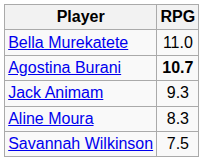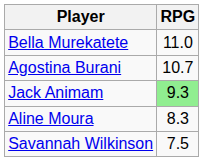 <table class="wikitable">
 <tr>
 <th>Player</th>
 <th>RPG</th>
 </tr>
 <tr>
 <td> <a href='#'>Bella Murekatete</a></td>
 <td align=center>11.0</td>
 </tr>
 <tr>
 <td> <a href='#'>Agostina Burani</a></td>
-<td align=center><strong>10.7</strong></td>
+<td align=center>10.7</td>
 </tr>
 <tr>
 <td> <a href='#'>Jack Animam</a></td>
-<td align=center>9.3</td>
+<td align=center style="background: lightgreen;">9.3</td>
 </tr>
 <tr>
 <td> <a href='#'>Aline Moura</a></td>
 <td align=center>8.3</td>
 </tr>
 <tr>
 <td> <a href='#'>Savannah Wilkinson</a></td>
 <td align=center>7.5</td>
 </tr>
 </table>
